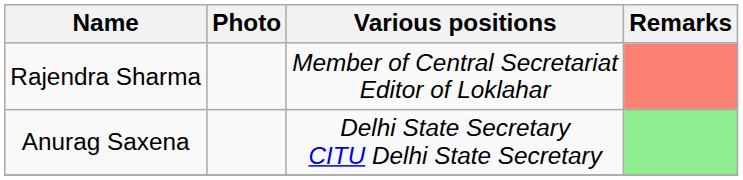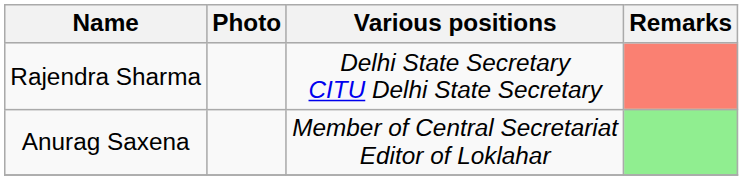 <table class="wikitable sortable" style="text-align:center">
 <tr>
 <th Style="background-color:">Name</th>
 <th Style="background-color:">Photo</th>
 <th Style="background-color:">Various positions</th>
 <th Style="background-color:">Remarks</th>
 </tr>
 <tr>
 <td>Rajendra Sharma</td>
 <td></td>
-<td><em>Member of Central Secretariat</em><br><em>Editor of Loklahar</em></td>
+<td><em>Delhi State Secretary</em><br><em><a href='#'>CITU</a> Delhi State Secretary</em></td>
 <td bgcolor = Salmon></td>
 </tr>
 <tr>
 <td>Anurag Saxena</td>
 <td></td>
-<td><em>Delhi State Secretary</em><br><em><a href='#'>CITU</a> Delhi State Secretary</em></td>
+<td><em>Member of Central Secretariat</em><br><em>Editor of Loklahar</em></td>
 <td bgcolor = LightGreen></td>
 </tr>
 <tr>
 </tr>
 </table>
